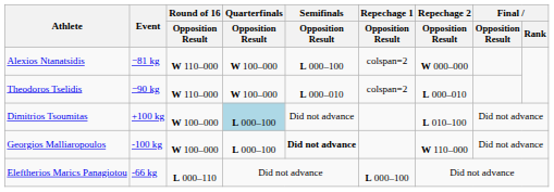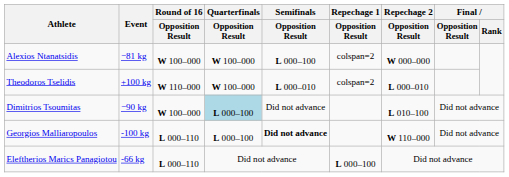 <table class="wikitable" style="font-size:90%">
 <tr>
 <th rowspan="2">Athlete</th>
 <th rowspan="2">Event</th>
 <th>Round of 16</th>
 <th>Quarterfinals</th>
 <th>Semifinals</th>
 <th>Repechage 1</th>
 <th>Repechage 2</th>
 <th colspan=2>Final / </th>
 </tr>
 <tr style="font-size:95%">
 <th>Opposition<br>Result</th>
 <th>Opposition<br>Result</th>
 <th>Opposition<br>Result</th>
 <th>Opposition<br>Result</th>
 <th>Opposition<br>Result</th>
 <th>Opposition<br>Result</th>
 <th>Rank</th>
 </tr>
 <tr align=center>
 <td align=left><a href='#'>Alexios Ntanatsidis</a></td>
 <td align=left><a href='#'>−81 kg</a></td>
-<td><br><strong>W</strong> 110–000</td>
+<td><br><strong>W</strong> 100–000</td>
 <td><br><strong>W</strong> 100–000</td>
 <td><br><strong>L</strong> 000–100</td>
 <td>colspan=2 </td>
 <td><br><strong>W</strong> 000–000</td>
 <td></td>
 </tr>
 <tr align=center>
 <td align=left><a href='#'>Theodoros Tselidis</a></td>
-<td align=left><a href='#'>−90 kg</a></td>
+<td align=left><a href='#'>+100 kg</a></td>
 <td><br><strong>W</strong> 110–000</td>
 <td><br><strong>W</strong> 100–000</td>
 <td><br><strong>L</strong> 000–010</td>
 <td>colspan=2 </td>
 <td><br><strong>L</strong> 000–010</td>
 <td></td>
 </tr>
 <tr align=center>
 <td align=left><a href='#'>Dimitrios Tsoumitas</a></td>
-<td align=left><a href='#'>+100 kg</a></td>
+<td align=left><a href='#'>−90 kg</a></td>
 <td><br><strong>W</strong> 100–000</td>
 <td style="background: lightblue;"><br><strong>L</strong> 000–100</td>
 <td>Did not advance</td>
 <td></td>
 <td><br><strong>L</strong> 010–100</td>
 <td colspan=2>Did not advance</td>
 </tr>
 <tr align=center>
 <td align=left><a href='#'>Georgios Malliaropoulos</a></td>
 <td align=left><a href='#'>-100 kg</a></td>
-<td><br><strong>W</strong> 100–000</td>
+<td><br><strong>L</strong> 000–110</td>
 <td><br><strong>L</strong> 000–100</td>
 <td><strong>Did not advance</strong></td>
 <td></td>
 <td><br><strong>W</strong> 110–000</td>
 <td colspan=2>Did not advance</td>
 </tr>
 <tr align=center>
 <td align=left><a href='#'>Eleftherios Marics Panagiotou</a></td>
 <td align=left><a href='#'>-66 kg</a></td>
 <td><br><strong>L</strong> 000–110</td>
 <td colspan=2>Did not advance</td>
 <td><br><strong>L</strong> 000–100</td>
 <td colspan=3>Did not advance</td>
 </tr>
 </table>
